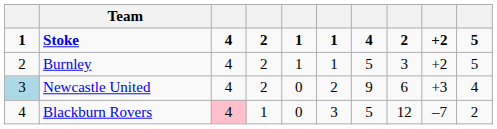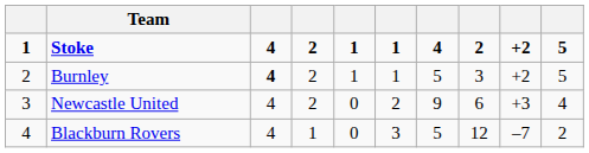 <table class="wikitable" style="text-align: center;">
 <tr>
 <th width=30></th>
 <th width=175>Team</th>
 <th width=30></th>
 <th width=30></th>
 <th width=30></th>
 <th width=30></th>
 <th width=30></th>
 <th width=30></th>
 <th width=30></th>
 <th width=30></th>
 </tr>
 <tr>
 <td><strong>1</strong></td>
 <td align=left><strong><a href='#'>Stoke</a></strong></td>
 <td><strong>4</strong></td>
 <td><strong>2</strong></td>
 <td><strong>1</strong></td>
 <td><strong>1</strong></td>
 <td><strong>4</strong></td>
 <td><strong>2</strong></td>
 <td><strong>+2</strong></td>
 <td><strong>5</strong></td>
 </tr>
 <tr>
 <td>2</td>
 <td align=left><a href='#'>Burnley</a></td>
-<td>4</td>
+<td><strong>4</strong></td>
 <td>2</td>
 <td>1</td>
 <td>1</td>
 <td>5</td>
 <td>3</td>
 <td>+2</td>
 <td>5</td>
 </tr>
 <tr>
-<td style="background: lightblue;">3</td>
+<td>3</td>
 <td align=left><a href='#'>Newcastle United</a></td>
 <td>4</td>
 <td>2</td>
 <td>0</td>
 <td>2</td>
 <td>9</td>
 <td>6</td>
 <td>+3</td>
 <td>4</td>
 </tr>
 <tr>
 <td>4</td>
 <td align=left><a href='#'>Blackburn Rovers</a></td>
-<td style="background: pink;">4</td>
+<td>4</td>
 <td>1</td>
 <td>0</td>
 <td>3</td>
 <td>5</td>
 <td>12</td>
 <td>–7</td>
 <td>2</td>
 </tr>
 </table>
